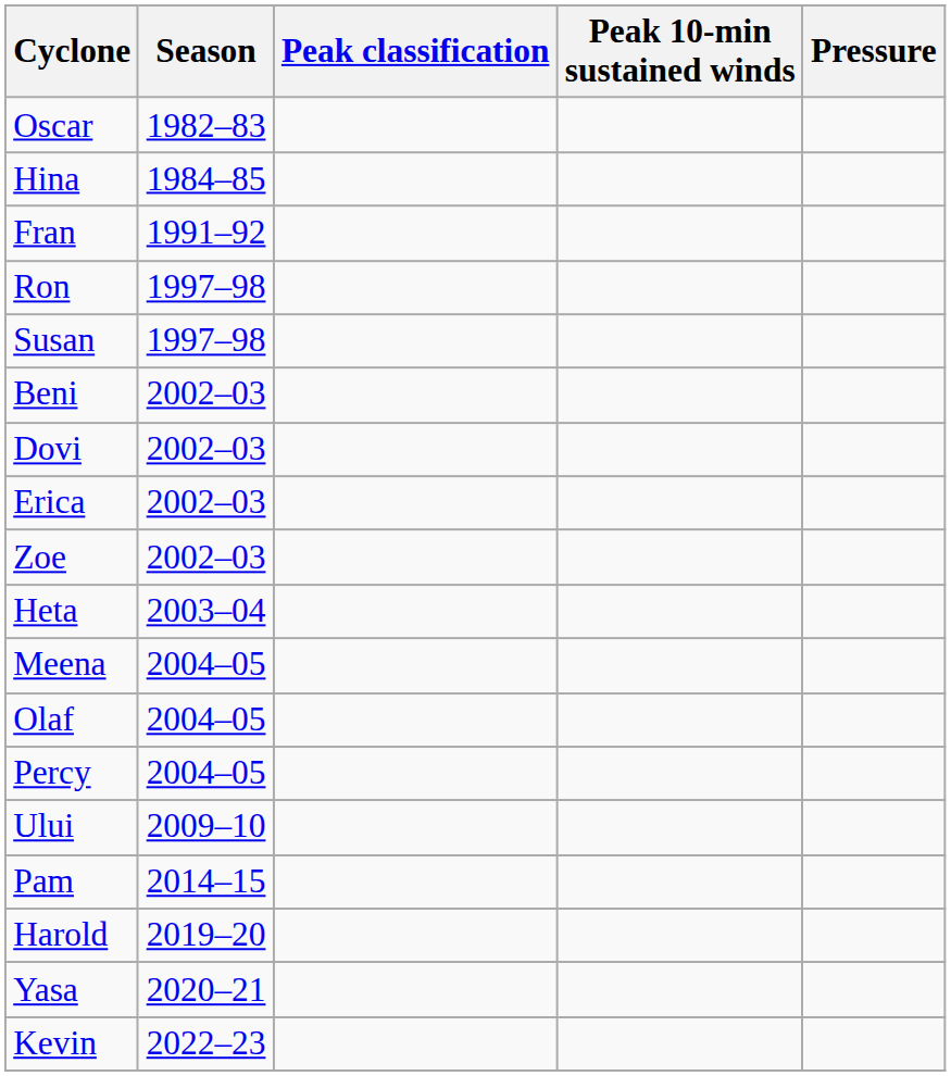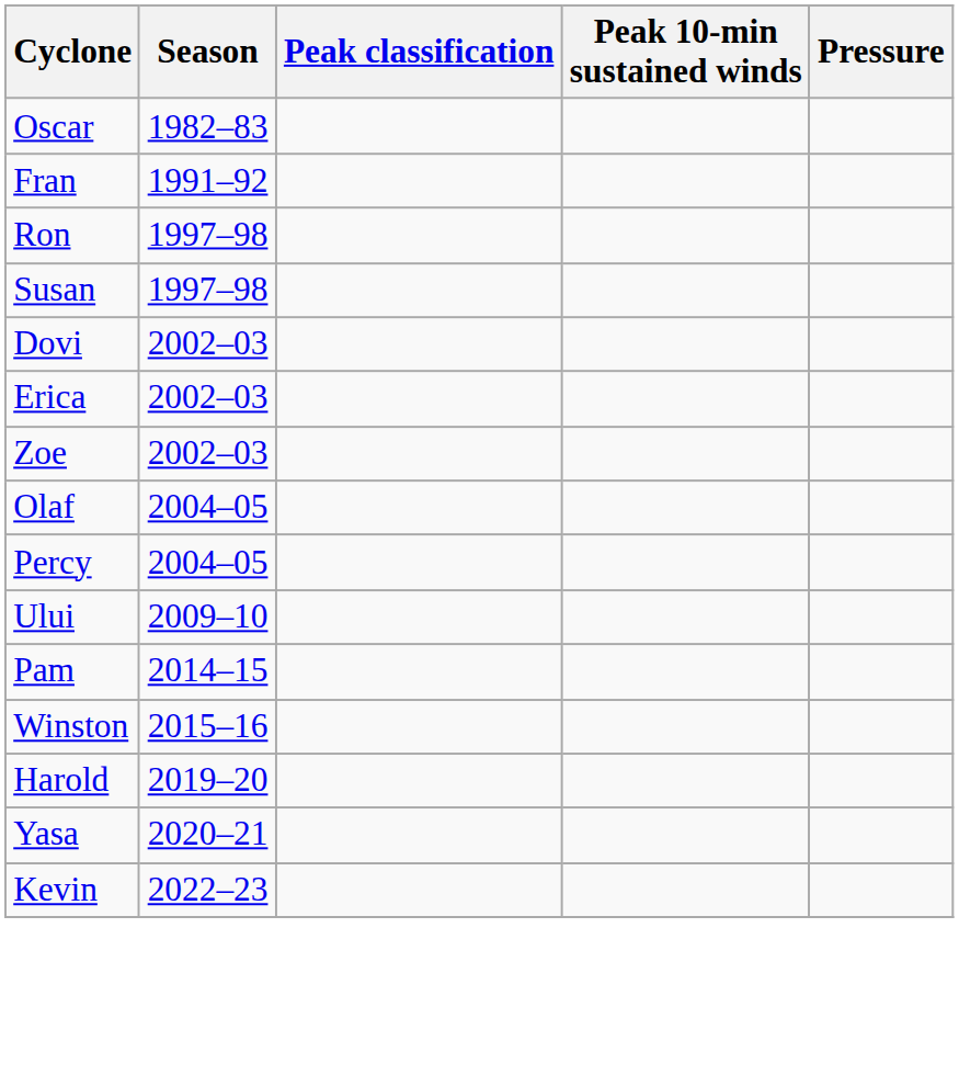 <table class="wikitable sortable">
 <tr>
 <th>Cyclone</th>
 <th>Season</th>
 <th><a href='#'>Peak classification</a></th>
 <th>Peak 10-min<br>sustained winds</th>
 <th>Pressure</th>
 </tr>
 <tr>
 <td><a href='#'>Oscar</a></td>
 <td><a href='#'>1982–83</a></td>
-<td></td>
-<td></td>
-<td></td>
-</tr>
-<tr>
-<td><a href='#'>Hina</a></td>
-<td><a href='#'>1984–85</a></td>
 <td></td>
 <td></td>
 <td></td>
 </tr>
 <tr>
 <td><a href='#'>Fran</a></td>
 <td><a href='#'>1991–92</a></td>
 <td></td>
 <td></td>
 <td></td>
 </tr>
 <tr>
 <td><a href='#'>Ron</a></td>
 <td><a href='#'>1997–98</a></td>
 <td></td>
 <td></td>
 <td></td>
 </tr>
 <tr>
 <td><a href='#'>Susan</a></td>
 <td><a href='#'>1997–98</a></td>
 <td></td>
 <td></td>
 <td></td>
 </tr>
 <tr>
-<td><a href='#'>Beni</a></td>
-<td><a href='#'>2002–03</a></td>
-<td></td>
-<td></td>
-<td></td>
-</tr>
-<tr>
 <td><a href='#'>Dovi</a></td>
 <td><a href='#'>2002–03</a></td>
 <td></td>
 <td></td>
 <td></td>
 </tr>
 <tr>
 <td><a href='#'>Erica</a></td>
 <td><a href='#'>2002–03</a></td>
 <td></td>
 <td></td>
 <td></td>
 </tr>
 <tr>
 <td><a href='#'>Zoe</a></td>
 <td><a href='#'>2002–03</a></td>
-<td></td>
-<td></td>
-<td></td>
-</tr>
-<tr>
-<td><a href='#'>Heta</a></td>
-<td><a href='#'>2003–04</a></td>
-<td></td>
-<td></td>
-<td></td>
-</tr>
-<tr>
-<td><a href='#'>Meena</a></td>
-<td><a href='#'>2004–05</a></td>
 <td></td>
 <td></td>
 <td></td>
 </tr>
 <tr>
 <td><a href='#'>Olaf</a></td>
 <td><a href='#'>2004–05</a></td>
 <td></td>
 <td></td>
 <td></td>
 </tr>
 <tr>
 <td><a href='#'>Percy</a></td>
 <td><a href='#'>2004–05</a></td>
 <td></td>
 <td></td>
 <td></td>
 </tr>
 <tr>
 <td><a href='#'>Ului</a></td>
 <td><a href='#'>2009–10</a></td>
 <td></td>
 <td></td>
 <td></td>
 </tr>
 <tr>
 <td><a href='#'>Pam</a></td>
 <td><a href='#'>2014–15</a></td>
 <td></td>
 <td></td>
 <td></td>
 </tr>
 <tr>
+<td><a href='#'>Winston</a></td>
+<td><a href='#'>2015–16</a></td>
+<td></td>
+<td></td>
+<td></td>
+</tr>
+<tr>
 <td><a href='#'>Harold</a></td>
 <td><a href='#'>2019–20</a></td>
 <td></td>
 <td></td>
 <td></td>
 </tr>
 <tr>
 <td><a href='#'>Yasa</a></td>
 <td><a href='#'>2020–21</a></td>
 <td></td>
 <td></td>
 <td></td>
 </tr>
 <tr>
 <td><a href='#'>Kevin</a></td>
 <td><a href='#'>2022–23</a></td>
 <td></td>
 <td></td>
 <td></td>
 </tr>
 <tr>
 </tr>
 </table>
